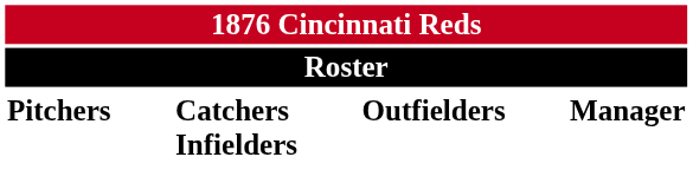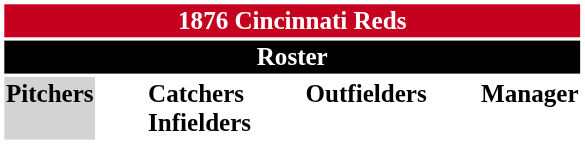 <table class="toccolours" style="font-size: 95%;">
 <tr>
 <th colspan="10" style="background-color: #c6011f; color: #FFFFFF; text-align: center;">1876 Cincinnati Reds</th>
 </tr>
 <tr>
 <td colspan="10" style="background-color: black; color: #FFFFFF; text-align: center;"><strong>Roster</strong></td>
 </tr>
 <tr>
-<td valign="top"><strong>Pitchers</strong><br>  </td>
+<td valign="top" style="background: lightgrey;"><strong>Pitchers</strong><br>  </td>
 <td width="25px"></td>
 <td valign="top"><strong>Catchers</strong><br>  <strong>Infielders</strong>     </td>
 <td width="25px"></td>
 <td valign="top"><strong>Outfielders</strong><br>  </td>
 <td width="25px"></td>
 <td valign="top"><strong>Manager</strong><br></td>
 </tr>
 </table>
